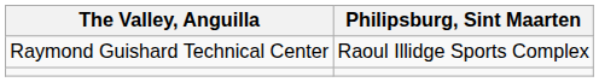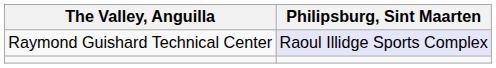 <table class="wikitable">
 <tr>
 <th>The Valley, Anguilla</th>
 <th>Philipsburg, Sint Maarten</th>
 </tr>
 <tr>
 <td>Raymond Guishard Technical Center</td>
-<td>Raoul Illidge Sports Complex</td>
+<td style="background: lavender;">Raoul Illidge Sports Complex</td>
 </tr>
 <tr>
 <td><small></small></td>
 <td><small></small></td>
 </tr>
 </table>
